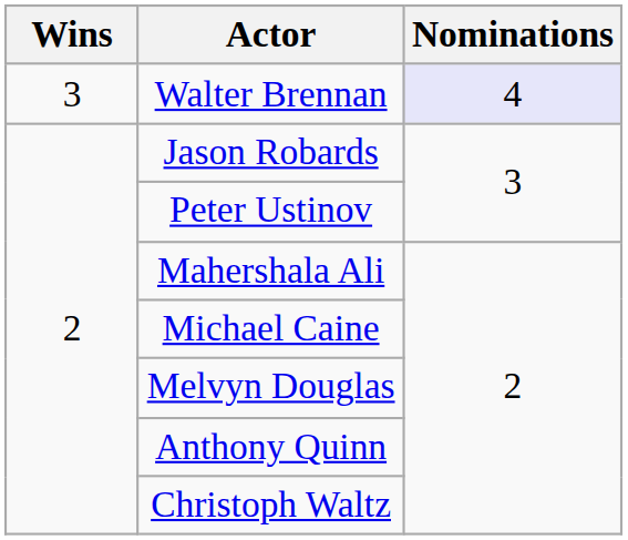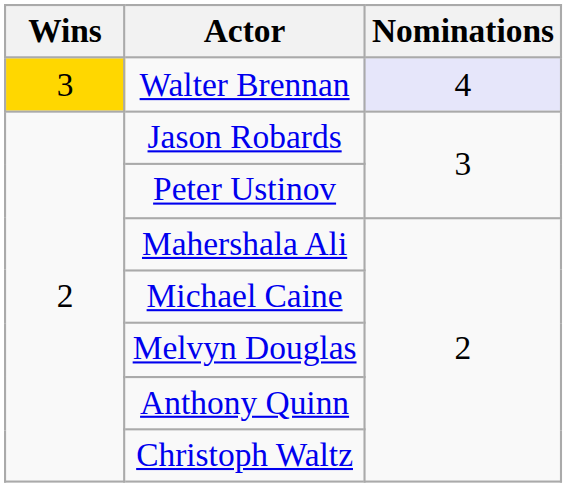 <table class="wikitable" style="text-align: center;">
 <tr>
 <th scope="col" width="50">Wins</th>
 <th scope="col" align="center">Actor</th>
 <th scope="col" width="50">Nominations</th>
 </tr>
 <tr>
-<td>3</td>
+<td style="background: gold;">3</td>
 <td><a href='#'>Walter Brennan</a></td>
 <td style="background: lavender;">4</td>
 </tr>
 <tr>
 <td rowspan=7 style="text-align:center">2</td>
 <td><a href='#'>Jason Robards</a></td>
 <td rowspan="2">3</td>
 </tr>
 <tr>
 <td><a href='#'>Peter Ustinov</a></td>
 </tr>
 <tr>
 <td><a href='#'>Mahershala Ali</a></td>
 <td rowspan="5">2</td>
 </tr>
 <tr>
 <td><a href='#'>Michael Caine</a></td>
 </tr>
 <tr>
 <td><a href='#'>Melvyn Douglas</a></td>
 </tr>
 <tr>
 <td><a href='#'>Anthony Quinn</a></td>
 </tr>
 <tr>
 <td><a href='#'>Christoph Waltz</a></td>
 </tr>
 </table>
